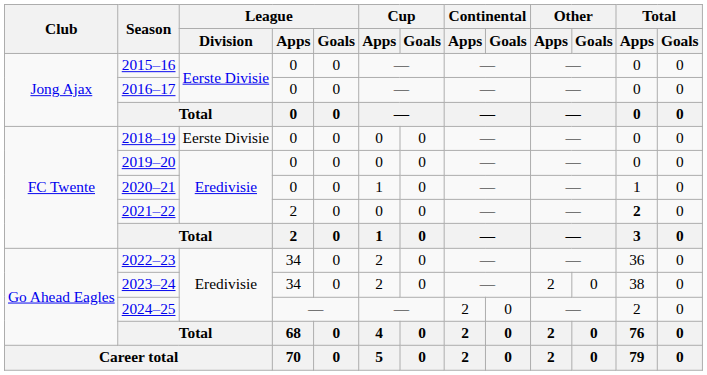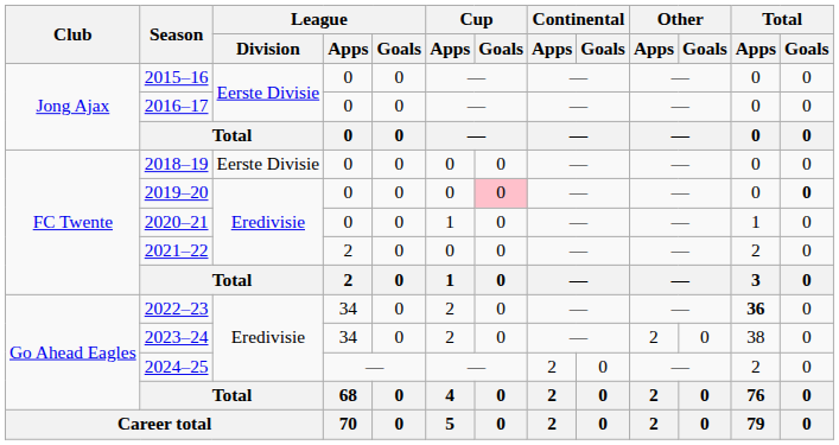 <table class="wikitable" style="text-align:center">
 <tr>
 <th rowspan=2>Club</th>
 <th rowspan=2>Season</th>
 <th colspan=3>League</th>
 <th colspan=2>Cup</th>
 <th colspan=2>Continental</th>
 <th colspan=2>Other</th>
 <th colspan=2>Total</th>
 </tr>
 <tr>
 <th>Division</th>
 <th>Apps</th>
 <th>Goals</th>
 <th>Apps</th>
 <th>Goals</th>
 <th>Apps</th>
 <th>Goals</th>
 <th>Apps</th>
 <th>Goals</th>
 <th>Apps</th>
 <th>Goals</th>
 </tr>
 <tr>
 <td rowspan="3"><a href='#'>Jong Ajax</a></td>
 <td><a href='#'>2015–16</a></td>
 <td rowspan="2"><a href='#'>Eerste Divisie</a></td>
 <td>0</td>
 <td>0</td>
 <td colspan="2">—</td>
 <td colspan="2">—</td>
 <td colspan="2">—</td>
 <td>0</td>
 <td>0</td>
 </tr>
 <tr>
 <td><a href='#'>2016–17</a></td>
 <td>0</td>
 <td>0</td>
 <td colspan="2">—</td>
 <td colspan="2">—</td>
 <td colspan="2">—</td>
 <td>0</td>
 <td>0</td>
 </tr>
 <tr>
 <th colspan=2>Total</th>
 <th>0</th>
 <th>0</th>
 <th colspan="2">—</th>
 <th colspan="2">—</th>
 <th colspan="2">—</th>
 <th>0</th>
 <th>0</th>
 </tr>
 <tr>
 <td rowspan="5"><a href='#'>FC Twente</a></td>
 <td><a href='#'>2018–19</a></td>
 <td rowspan="1">Eerste Divisie</td>
 <td>0</td>
 <td>0</td>
 <td>0</td>
 <td>0</td>
 <td colspan="2">—</td>
 <td colspan="2">—</td>
 <td>0</td>
 <td>0</td>
 </tr>
 <tr>
 <td><a href='#'>2019–20</a></td>
 <td rowspan="3"><a href='#'>Eredivisie</a></td>
 <td>0</td>
 <td>0</td>
 <td>0</td>
-<td>0</td>
+<td style="background: pink;">0</td>
 <td colspan="2">—</td>
 <td colspan="2">—</td>
 <td>0</td>
-<td>0</td>
+<td><strong>0</strong></td>
 </tr>
 <tr>
 <td><a href='#'>2020–21</a></td>
 <td>0</td>
 <td>0</td>
 <td>1</td>
 <td>0</td>
 <td colspan="2">—</td>
 <td colspan="2">—</td>
 <td>1</td>
 <td>0</td>
 </tr>
 <tr>
 <td><a href='#'>2021–22</a></td>
 <td>2</td>
 <td>0</td>
 <td>0</td>
 <td>0</td>
 <td colspan="2">—</td>
 <td colspan="2">—</td>
-<td><strong>2</strong></td>
+<td>2</td>
 <td>0</td>
 </tr>
 <tr>
 <th colspan=2>Total</th>
 <th>2</th>
 <th>0</th>
 <th>1</th>
 <th>0</th>
 <th colspan="2">—</th>
 <th colspan="2">—</th>
 <th>3</th>
 <th>0</th>
 </tr>
 <tr>
 <td rowspan="4"><a href='#'>Go Ahead Eagles</a></td>
 <td><a href='#'>2022–23</a></td>
 <td rowspan="3">Eredivisie</td>
 <td>34</td>
 <td>0</td>
 <td>2</td>
 <td>0</td>
 <td colspan="2">—</td>
 <td colspan="2">—</td>
-<td>36</td>
+<td><strong>36</strong></td>
 <td>0</td>
 </tr>
 <tr>
 <td><a href='#'>2023–24</a></td>
 <td>34</td>
 <td>0</td>
 <td>2</td>
 <td>0</td>
 <td colspan="2">—</td>
 <td>2</td>
 <td>0</td>
 <td>38</td>
 <td>0</td>
 </tr>
 <tr>
 <td><a href='#'>2024–25</a></td>
 <td colspan="2">—</td>
 <td colspan="2">—</td>
 <td>2</td>
 <td>0</td>
 <td colspan="2">—</td>
 <td>2</td>
 <td>0</td>
 </tr>
 <tr>
 <th colspan=2>Total</th>
 <th>68</th>
 <th>0</th>
 <th>4</th>
 <th>0</th>
 <th>2</th>
 <th>0</th>
 <th>2</th>
 <th>0</th>
 <th>76</th>
 <th>0</th>
 </tr>
 <tr>
 <th colspan=3>Career total</th>
 <th>70</th>
 <th>0</th>
 <th>5</th>
 <th>0</th>
 <th>2</th>
 <th>0</th>
 <th>2</th>
 <th>0</th>
 <th>79</th>
 <th>0</th>
 </tr>
 </table>
